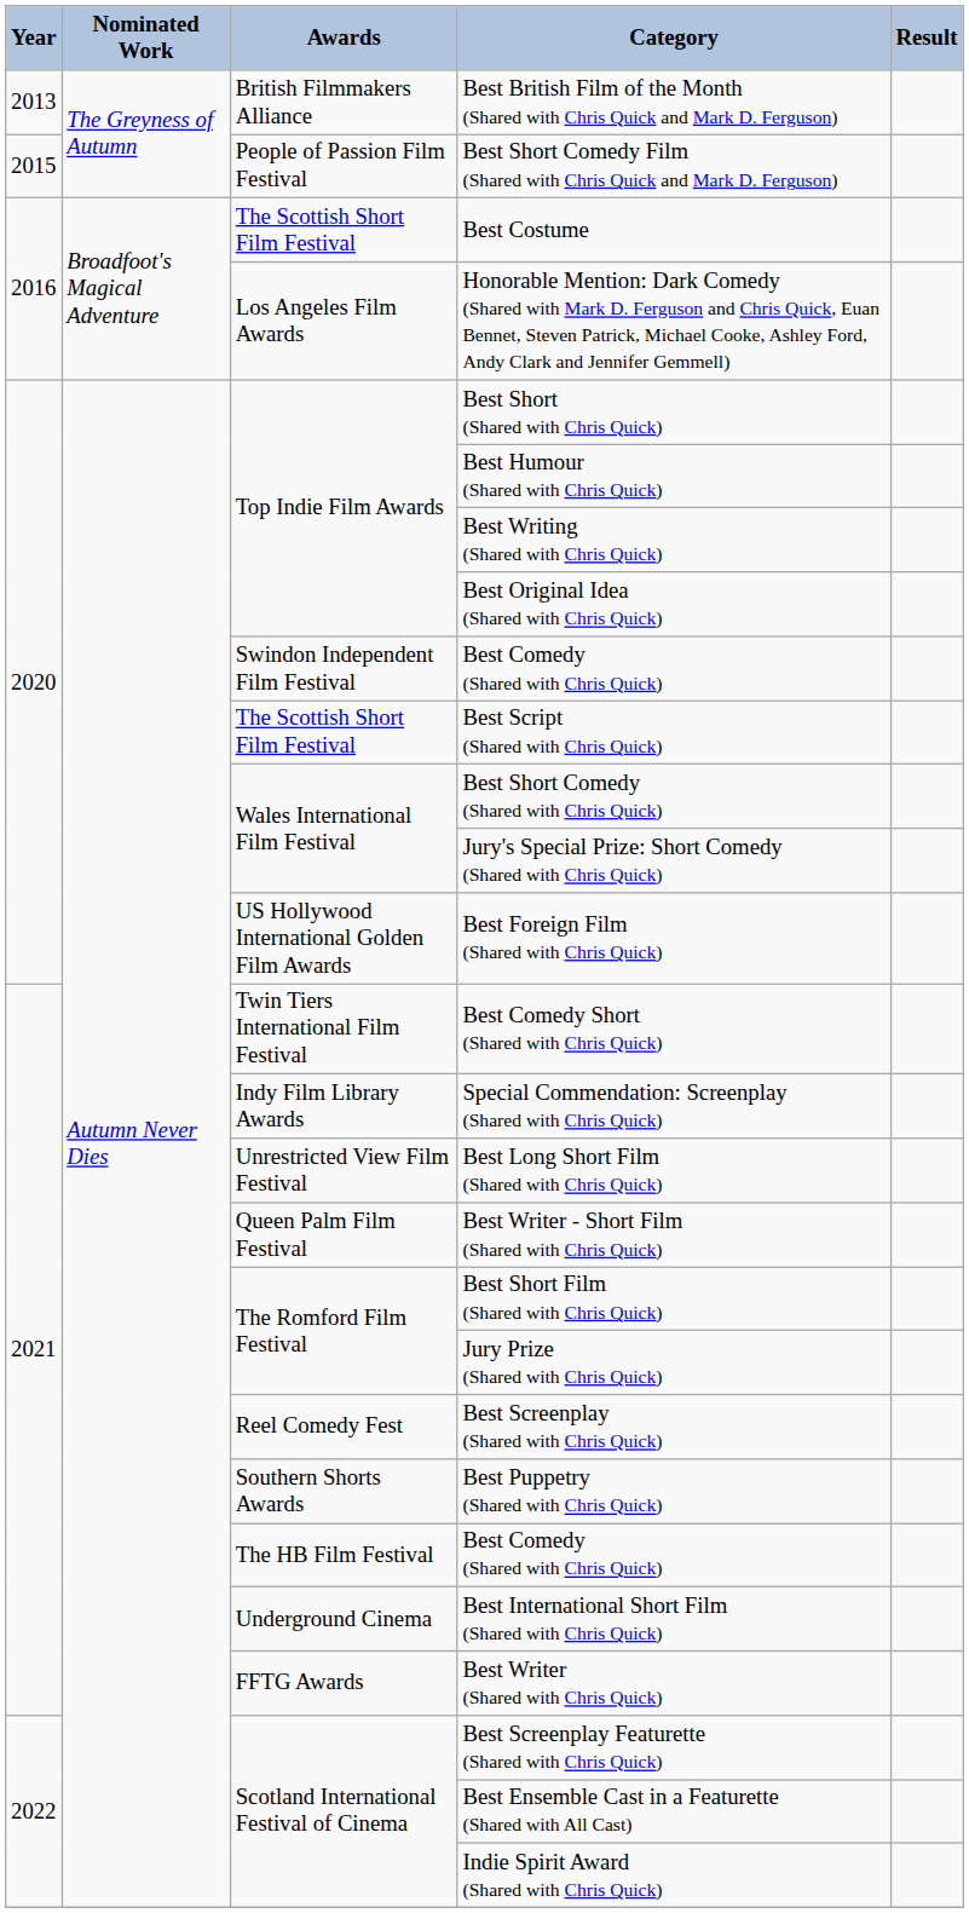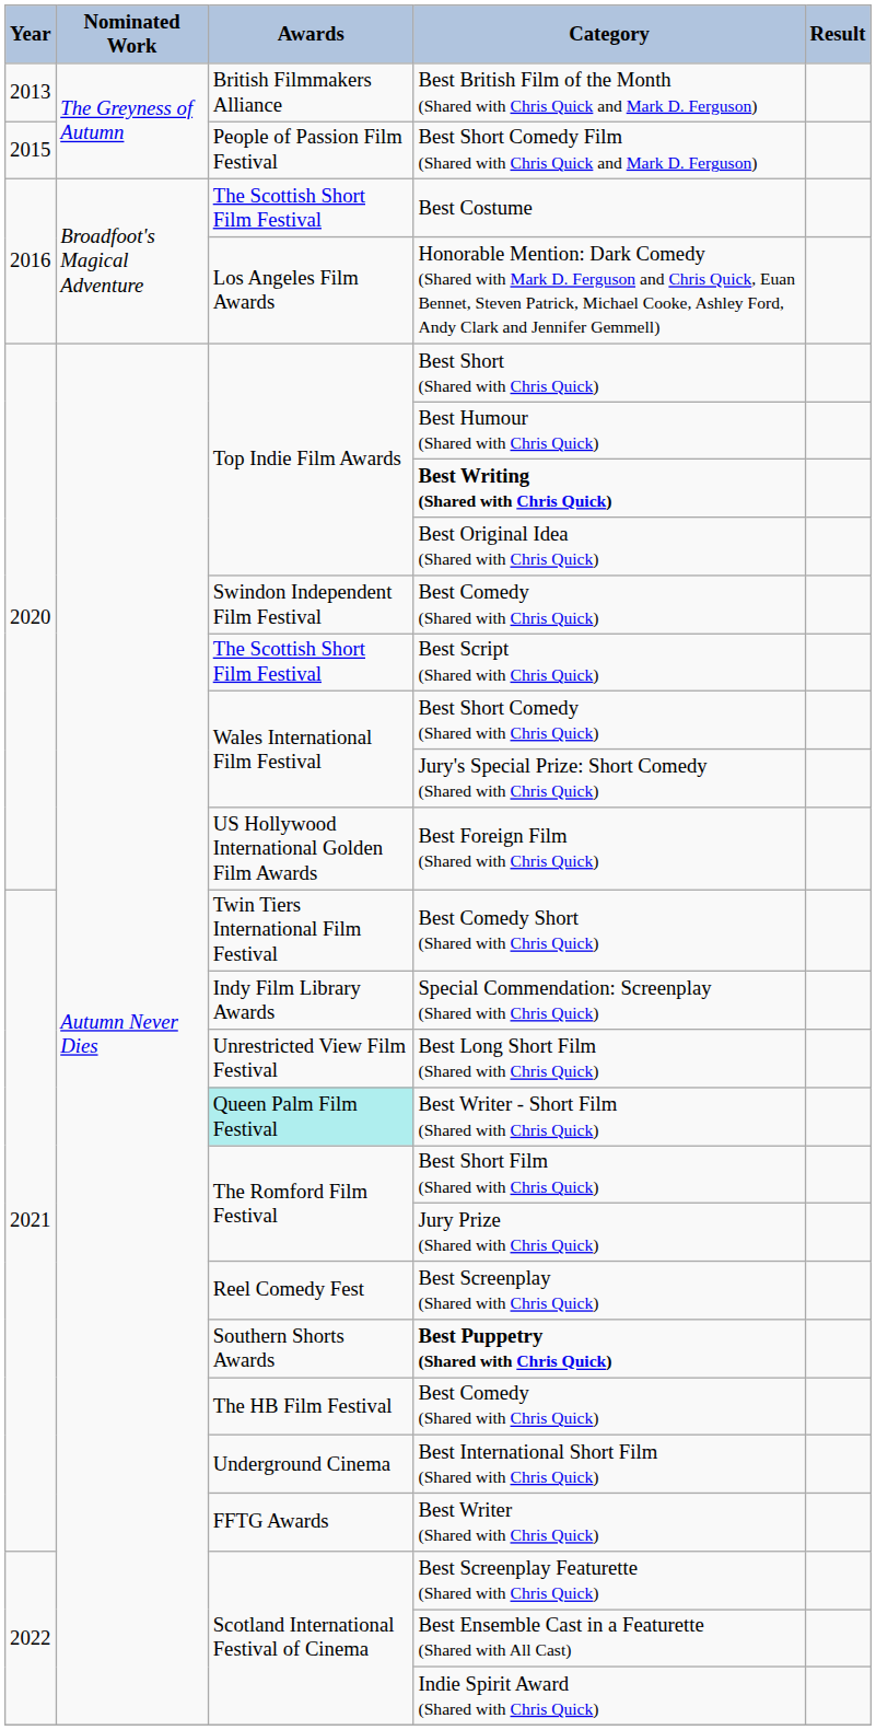 <table class="wikitable" style="font-size:90%">
 <tr style="text-align:center;">
 <th style="background:#B0C4DE;">Year</th>
 <th style="background:#B0C4DE;">Nominated Work</th>
 <th style="background:#B0C4DE;">Awards</th>
 <th style="background:#B0C4DE;">Category</th>
 <th style="background:#B0C4DE;">Result</th>
 </tr>
 <tr>
 <td>2013</td>
 <td rowspan=2><em><a href='#'>The Greyness of Autumn</a></em></td>
 <td>British Filmmakers Alliance</td>
 <td>Best British Film of the Month<br><small>(Shared with <a href='#'>Chris Quick</a> and <a href='#'>Mark D. Ferguson</a>)</small></td>
 <td></td>
 </tr>
 <tr>
 <td>2015</td>
 <td>People of Passion Film Festival</td>
 <td>Best Short Comedy Film<br><small>(Shared with <a href='#'>Chris Quick</a> and <a href='#'>Mark D. Ferguson</a>)</small></td>
 <td></td>
 </tr>
 <tr>
 <td rowspan=2>2016</td>
 <td rowspan=2><em>Broadfoot's Magical Adventure</em></td>
 <td><a href='#'>The Scottish Short Film Festival</a></td>
 <td>Best Costume</td>
 <td></td>
 </tr>
 <tr>
 <td>Los Angeles Film Awards</td>
 <td>Honorable Mention: Dark Comedy<br><small>(Shared with <a href='#'>Mark D. Ferguson</a> and <a href='#'>Chris Quick</a>, Euan Bennet, Steven Patrick, Michael Cooke, Ashley Ford, Andy Clark and Jennifer Gemmell)</small></td>
 <td></td>
 </tr>
 <tr>
 <td rowspan=9>2020</td>
 <td rowspan=23><em><a href='#'>Autumn Never Dies</a></em></td>
 <td rowspan=4>Top Indie Film Awards</td>
 <td>Best Short<br><small>(Shared with <a href='#'>Chris Quick</a>)</small></td>
 <td></td>
 </tr>
 <tr>
 <td>Best Humour<br><small>(Shared with <a href='#'>Chris Quick</a>)</small></td>
 <td></td>
 </tr>
 <tr>
-<td>Best Writing<br><small>(Shared with <a href='#'>Chris Quick</a>)</small></td>
+<td><strong>Best Writing<br><small>(Shared with <a href='#'>Chris Quick</a>)</small></strong></td>
 <td></td>
 </tr>
 <tr>
 <td>Best Original Idea<br><small>(Shared with <a href='#'>Chris Quick</a>)</small></td>
 <td></td>
 </tr>
 <tr>
 <td>Swindon Independent Film Festival</td>
 <td>Best Comedy<br><small>(Shared with <a href='#'>Chris Quick</a>)</small></td>
 <td></td>
 </tr>
 <tr>
 <td rowspan=1><a href='#'>The Scottish Short Film Festival</a></td>
 <td>Best Script<br><small>(Shared with <a href='#'>Chris Quick</a>)</small></td>
 <td></td>
 </tr>
 <tr>
 <td rowspan=2>Wales International Film Festival</td>
 <td>Best Short Comedy<br><small>(Shared with <a href='#'>Chris Quick</a>)</small></td>
 <td></td>
 </tr>
 <tr>
 <td>Jury's Special Prize: Short Comedy<br><small>(Shared with <a href='#'>Chris Quick</a>)</small></td>
 <td></td>
 </tr>
 <tr>
 <td rowspan=1>US Hollywood International Golden Film Awards </td>
 <td>Best Foreign Film<br><small>(Shared with <a href='#'>Chris Quick</a>)</small></td>
 <td></td>
 </tr>
 <tr>
 <td rowspan=11>2021</td>
 <td rowspan=1>Twin Tiers International Film Festival</td>
 <td>Best Comedy Short<br><small>(Shared with <a href='#'>Chris Quick</a>)</small></td>
 <td></td>
 </tr>
 <tr>
 <td rowspan=1>Indy Film Library Awards </td>
 <td>Special Commendation: Screenplay<br><small>(Shared with <a href='#'>Chris Quick</a>)</small></td>
 <td></td>
 </tr>
 <tr>
 <td rowspan=1>Unrestricted View Film Festival </td>
 <td>Best Long Short Film<br><small>(Shared with <a href='#'>Chris Quick</a>)</small></td>
 <td></td>
 </tr>
 <tr>
-<td rowspan=1>Queen Palm Film Festival </td>
+<td rowspan=1 style="background: paleturquoise;">Queen Palm Film Festival </td>
 <td>Best Writer - Short Film<br><small>(Shared with <a href='#'>Chris Quick</a>)</small></td>
 <td></td>
 </tr>
 <tr>
 <td rowspan=2>The Romford Film Festival </td>
 <td>Best Short Film<br><small>(Shared with <a href='#'>Chris Quick</a>)</small></td>
 <td></td>
 </tr>
 <tr>
 <td>Jury Prize<br><small>(Shared with <a href='#'>Chris Quick</a>)</small></td>
 <td></td>
 </tr>
 <tr>
 <td rowspan=1>Reel Comedy Fest </td>
 <td>Best Screenplay<br><small>(Shared with <a href='#'>Chris Quick</a>)</small></td>
 <td></td>
 </tr>
 <tr>
 <td rowspan=1>Southern Shorts Awards </td>
-<td>Best Puppetry<br><small>(Shared with <a href='#'>Chris Quick</a>)</small></td>
+<td><strong>Best Puppetry<br><small>(Shared with <a href='#'>Chris Quick</a>)</small></strong></td>
 <td></td>
 </tr>
 <tr>
 <td rowspan=1>The HB Film Festival</td>
 <td>Best Comedy<br><small>(Shared with <a href='#'>Chris Quick</a>)</small></td>
 <td></td>
 </tr>
 <tr>
 <td rowspan=1>Underground Cinema</td>
 <td>Best International Short Film<br><small>(Shared with <a href='#'>Chris Quick</a>)</small></td>
 <td></td>
 </tr>
 <tr>
 <td rowspan=1>FFTG Awards</td>
 <td>Best Writer<br><small>(Shared with <a href='#'>Chris Quick</a>)</small></td>
 <td></td>
 </tr>
 <tr>
 <td rowspan=3>2022</td>
 <td rowspan=3>Scotland International Festival of Cinema </td>
 <td>Best Screenplay Featurette<br><small>(Shared with <a href='#'>Chris Quick</a>)</small></td>
 <td></td>
 </tr>
 <tr>
 <td>Best Ensemble Cast in a Featurette<br><small>(Shared with All Cast)</small></td>
 <td></td>
 </tr>
 <tr>
 <td>Indie Spirit Award<br><small>(Shared with <a href='#'>Chris Quick</a>)</small></td>
 <td></td>
 </tr>
 <tr>
 </tr>
 </table>
